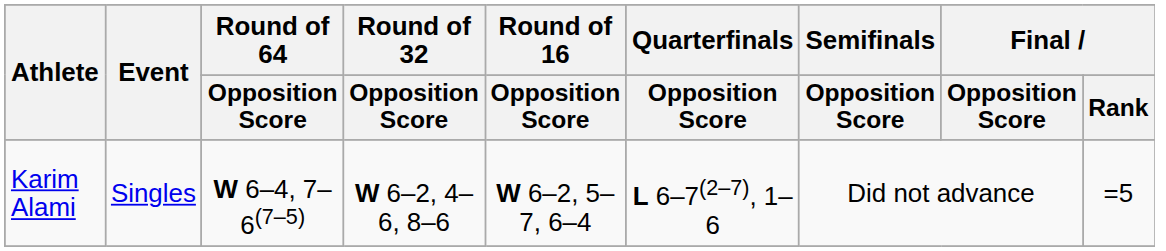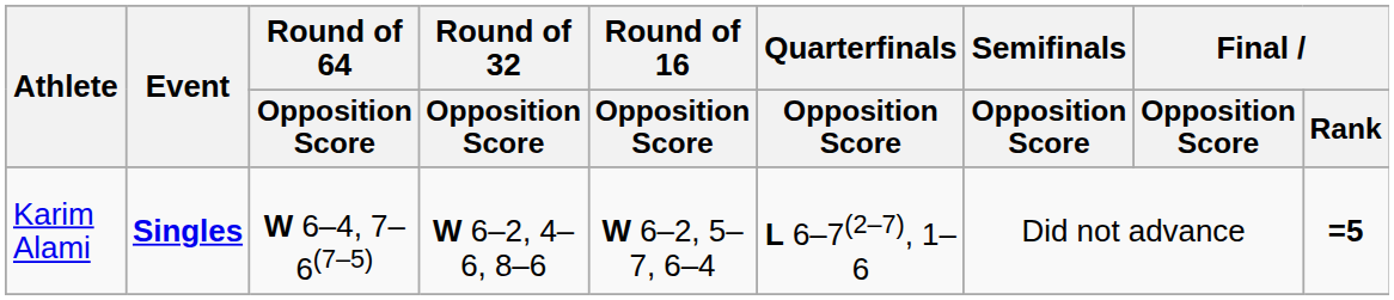 <table class=wikitable style=font-size:90%;text-align:center>
 <tr>
 <th rowspan=2>Athlete</th>
 <th rowspan=2>Event</th>
 <th>Round of 64</th>
 <th>Round of 32</th>
 <th>Round of 16</th>
 <th>Quarterfinals</th>
 <th>Semifinals</th>
 <th colspan=2>Final / </th>
 </tr>
 <tr style=font-size:95%>
 <th>Opposition<br>Score</th>
 <th>Opposition<br>Score</th>
 <th>Opposition<br>Score</th>
 <th>Opposition<br>Score</th>
 <th>Opposition<br>Score</th>
 <th>Opposition<br>Score</th>
 <th>Rank</th>
 </tr>
 <tr>
 <td align=left><a href='#'>Karim Alami</a></td>
-<td align=left><a href='#'>Singles</a></td>
+<td align=left><strong><a href='#'>Singles</a></strong></td>
 <td><br><strong>W</strong> 6–4, 7–6<sup>(7–5)</sup></td>
 <td><br><strong>W</strong> 6–2, 4–6, 8–6</td>
 <td><br><strong>W</strong> 6–2, 5–7, 6–4</td>
 <td><br><strong>L</strong> 6–7<sup>(2–7)</sup>, 1–6</td>
 <td colspan=2>Did not advance</td>
-<td>=5</td>
+<td><strong>=5</strong></td>
 </tr>
 </table>
